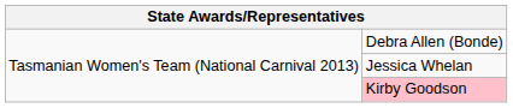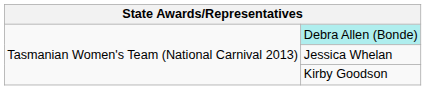 <table class="wikitable">
 <tr>
 <th colspan="2"><strong>State Awards/Representatives</strong></th>
 </tr>
 <tr>
 <td rowspan="3">Tasmanian Women's Team (National Carnival 2013)</td>
-<td>Debra Allen (Bonde)</td>
+<td style="background: paleturquoise;">Debra Allen (Bonde)</td>
 </tr>
 <tr>
 <td>Jessica Whelan</td>
 </tr>
 <tr>
-<td style="background: pink;">Kirby Goodson</td>
+<td>Kirby Goodson</td>
 </tr>
 </table>
